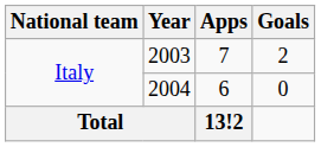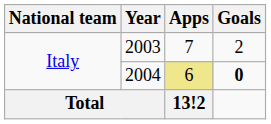 <table class="wikitable" style="text-align:center">
 <tr>
 <th>National team</th>
 <th>Year</th>
 <th>Apps</th>
 <th>Goals</th>
 </tr>
 <tr>
 <td rowspan="2"><a href='#'>Italy</a></td>
 <td>2003</td>
 <td>7</td>
 <td>2</td>
 </tr>
 <tr>
 <td>2004</td>
-<td>6</td>
-<td>0</td>
+<td style="background: khaki;">6</td>
+<td><strong>0</strong></td>
 </tr>
 <tr>
 <th colspan="2">Total</th>
 <th>13!2</th>
 </tr>
 </table>
